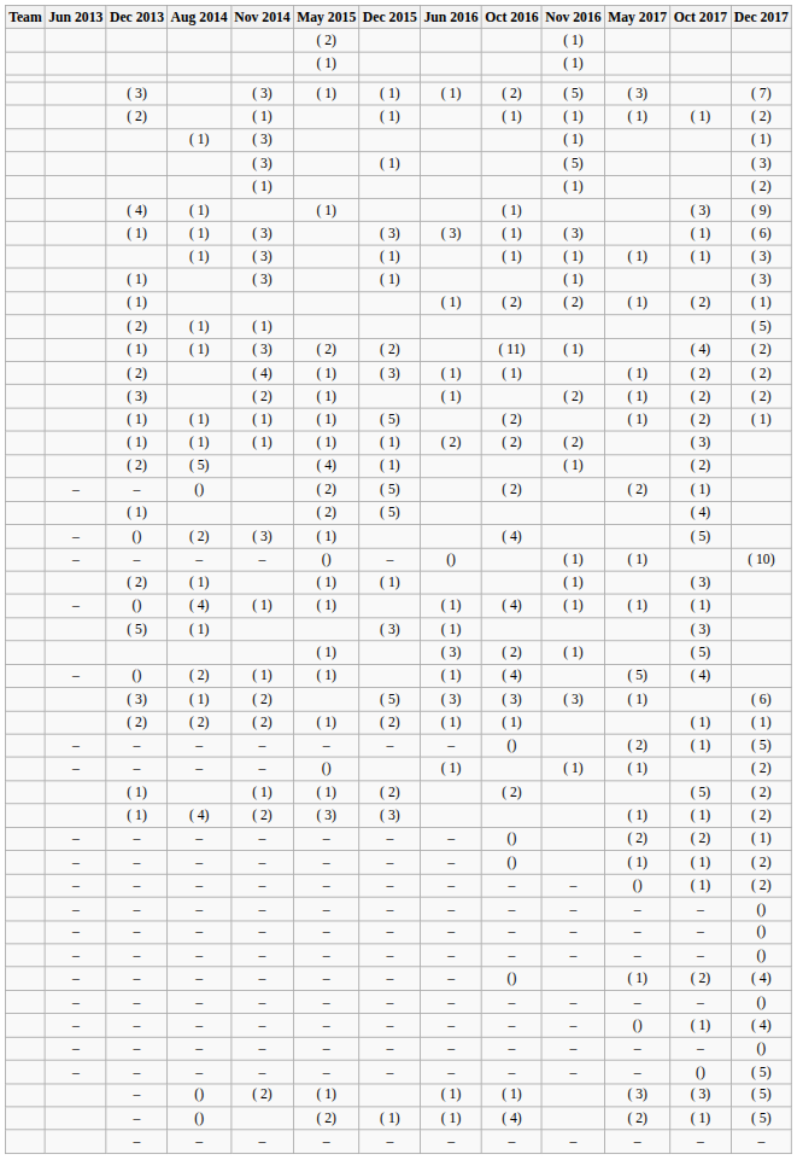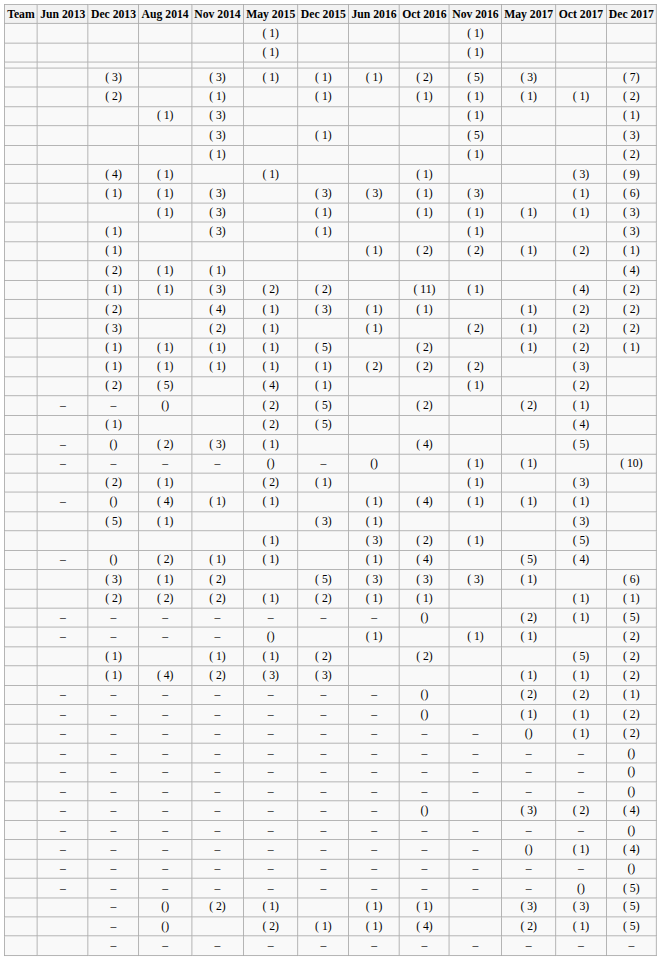 <table class="wikitable sortable" style="text-align:center; font-size: 85%;">
 <tr>
 <th>Team</th>
 <th>Jun 2013</th>
 <th>Dec 2013</th>
 <th>Aug 2014</th>
 <th>Nov 2014</th>
 <th>May 2015</th>
 <th>Dec 2015</th>
 <th>Jun 2016</th>
 <th>Oct 2016</th>
 <th>Nov 2016</th>
 <th>May 2017</th>
 <th>Oct 2017</th>
 <th>Dec 2017</th>
 </tr>
 <tr>
 <td style="text-align:left;"></td>
 <td></td>
 <td></td>
 <td></td>
 <td></td>
-<td> ( 2)</td>
+<td> ( 1)</td>
 <td></td>
 <td></td>
 <td></td>
 <td> ( 1)</td>
 <td></td>
 <td></td>
 <td></td>
 </tr>
 <tr>
 <td style="text-align:left;"></td>
 <td></td>
 <td></td>
 <td></td>
 <td></td>
 <td> ( 1)</td>
 <td></td>
 <td></td>
 <td></td>
 <td> ( 1)</td>
 <td></td>
 <td></td>
 <td></td>
 </tr>
 <tr>
 <td style="text-align:left;"></td>
 <td></td>
 <td></td>
 <td></td>
 <td></td>
 <td></td>
 <td></td>
 <td></td>
 <td></td>
 <td></td>
 <td></td>
 <td></td>
 <td></td>
 </tr>
 <tr>
 <td style="text-align:left;"></td>
 <td></td>
 <td> ( 3)</td>
 <td></td>
 <td> ( 3)</td>
 <td> ( 1)</td>
 <td> ( 1)</td>
 <td> ( 1)</td>
 <td> ( 2)</td>
 <td> ( 5)</td>
 <td> ( 3)</td>
 <td></td>
 <td> ( 7)</td>
 </tr>
 <tr>
 <td style="text-align:left;"></td>
 <td></td>
 <td> ( 2)</td>
 <td></td>
 <td> ( 1)</td>
 <td></td>
 <td> ( 1)</td>
 <td></td>
 <td> ( 1)</td>
 <td> ( 1)</td>
 <td> ( 1)</td>
 <td> ( 1)</td>
 <td> ( 2)</td>
 </tr>
 <tr>
 <td style="text-align:left;"></td>
 <td></td>
 <td></td>
 <td> ( 1)</td>
 <td> ( 3)</td>
 <td></td>
 <td></td>
 <td></td>
 <td></td>
 <td> ( 1)</td>
 <td></td>
 <td></td>
 <td> ( 1)</td>
 </tr>
 <tr>
 <td style="text-align:left;"></td>
 <td></td>
 <td></td>
 <td></td>
 <td> ( 3)</td>
 <td></td>
 <td> ( 1)</td>
 <td></td>
 <td></td>
 <td> ( 5)</td>
 <td></td>
 <td></td>
 <td> ( 3)</td>
 </tr>
 <tr>
 <td style="text-align:left;"></td>
 <td></td>
 <td></td>
 <td></td>
 <td> ( 1)</td>
 <td></td>
 <td></td>
 <td></td>
 <td></td>
 <td> ( 1)</td>
 <td></td>
 <td></td>
 <td> ( 2)</td>
 </tr>
 <tr>
 <td style="text-align:left;"></td>
 <td></td>
 <td> ( 4)</td>
 <td> ( 1)</td>
 <td></td>
 <td> ( 1)</td>
 <td></td>
 <td></td>
 <td> ( 1)</td>
 <td></td>
 <td></td>
 <td> ( 3)</td>
 <td> ( 9)</td>
 </tr>
 <tr>
 <td style="text-align:left;"></td>
 <td></td>
 <td> ( 1)</td>
 <td> ( 1)</td>
 <td> ( 3)</td>
 <td></td>
 <td> ( 3)</td>
 <td> ( 3)</td>
 <td> ( 1)</td>
 <td> ( 3)</td>
 <td></td>
 <td> ( 1)</td>
 <td> ( 6)</td>
 </tr>
 <tr>
 <td style="text-align:left;"></td>
 <td></td>
 <td></td>
 <td> ( 1)</td>
 <td> ( 3)</td>
 <td></td>
 <td> ( 1)</td>
 <td></td>
 <td> ( 1)</td>
 <td> ( 1)</td>
 <td> ( 1)</td>
 <td> ( 1)</td>
 <td> ( 3)</td>
 </tr>
 <tr>
 <td style="text-align:left;"></td>
 <td></td>
 <td> ( 1)</td>
 <td></td>
 <td> ( 3)</td>
 <td></td>
 <td> ( 1)</td>
 <td></td>
 <td></td>
 <td> ( 1)</td>
 <td></td>
 <td></td>
 <td> ( 3)</td>
 </tr>
 <tr>
 <td style="text-align:left;"></td>
 <td></td>
 <td> ( 1)</td>
 <td></td>
 <td></td>
 <td></td>
 <td></td>
 <td> ( 1)</td>
 <td> ( 2)</td>
 <td> ( 2)</td>
 <td> ( 1)</td>
 <td> ( 2)</td>
 <td> ( 1)</td>
 </tr>
 <tr>
 <td style="text-align:left;"></td>
 <td></td>
 <td> ( 2)</td>
 <td> ( 1)</td>
 <td> ( 1)</td>
 <td></td>
 <td></td>
 <td></td>
 <td></td>
 <td></td>
 <td></td>
 <td></td>
-<td> ( 5)</td>
+<td> ( 4)</td>
 </tr>
 <tr>
 <td style="text-align:left;"></td>
 <td></td>
 <td> ( 1)</td>
 <td> ( 1)</td>
 <td> ( 3)</td>
 <td> ( 2)</td>
 <td> ( 2)</td>
 <td></td>
 <td> ( 11)</td>
 <td> ( 1)</td>
 <td></td>
 <td> ( 4)</td>
 <td> ( 2)</td>
 </tr>
 <tr>
 <td style="text-align:left;"></td>
 <td></td>
 <td> ( 2)</td>
 <td></td>
 <td> ( 4)</td>
 <td> ( 1)</td>
 <td> ( 3)</td>
 <td> ( 1)</td>
 <td> ( 1)</td>
 <td></td>
 <td> ( 1)</td>
 <td> ( 2)</td>
 <td> ( 2)</td>
 </tr>
 <tr>
 <td style="text-align:left;"></td>
 <td></td>
 <td> ( 3)</td>
 <td></td>
 <td> ( 2)</td>
 <td> ( 1)</td>
 <td></td>
 <td> ( 1)</td>
 <td></td>
 <td> ( 2)</td>
 <td> ( 1)</td>
 <td> ( 2)</td>
 <td> ( 2)</td>
 </tr>
 <tr>
 <td style="text-align:left;"></td>
 <td></td>
 <td> ( 1)</td>
 <td> ( 1)</td>
 <td> ( 1)</td>
 <td> ( 1)</td>
 <td> ( 5)</td>
 <td></td>
 <td> ( 2)</td>
 <td></td>
 <td> ( 1)</td>
 <td> ( 2)</td>
 <td> ( 1)</td>
 </tr>
 <tr>
 <td style="text-align:left;"></td>
 <td></td>
 <td> ( 1)</td>
 <td> ( 1)</td>
 <td> ( 1)</td>
 <td> ( 1)</td>
 <td> ( 1)</td>
 <td> ( 2)</td>
 <td> ( 2)</td>
 <td> ( 2)</td>
 <td></td>
 <td> ( 3)</td>
 <td></td>
 </tr>
 <tr>
 <td style="text-align:left;"></td>
 <td></td>
 <td> ( 2)</td>
 <td> ( 5)</td>
 <td></td>
 <td> ( 4)</td>
 <td> ( 1)</td>
 <td></td>
 <td></td>
 <td> ( 1)</td>
 <td></td>
 <td> ( 2)</td>
 <td></td>
 </tr>
 <tr>
 <td style="text-align:left;"></td>
 <td>–</td>
 <td>–</td>
 <td> ()</td>
 <td></td>
 <td> ( 2)</td>
 <td> ( 5)</td>
 <td></td>
 <td> ( 2)</td>
 <td></td>
 <td> ( 2)</td>
 <td> ( 1)</td>
 <td></td>
 </tr>
 <tr>
 <td style="text-align:left;"></td>
 <td></td>
 <td> ( 1)</td>
 <td></td>
 <td></td>
 <td> ( 2)</td>
 <td> ( 5)</td>
 <td></td>
 <td></td>
 <td></td>
 <td></td>
 <td> ( 4)</td>
 <td></td>
 </tr>
 <tr>
 <td style="text-align:left;"></td>
 <td>–</td>
 <td> ()</td>
 <td> ( 2)</td>
 <td> ( 3)</td>
 <td> ( 1)</td>
 <td></td>
 <td></td>
 <td> ( 4)</td>
 <td></td>
 <td></td>
 <td> ( 5)</td>
 <td></td>
 </tr>
 <tr>
 <td style="text-align:left;"></td>
 <td>–</td>
 <td>–</td>
 <td>–</td>
 <td>–</td>
 <td> ()</td>
 <td>–</td>
 <td> ()</td>
 <td></td>
 <td> ( 1)</td>
 <td> ( 1)</td>
 <td></td>
 <td> ( 10)</td>
 </tr>
 <tr>
 <td style="text-align:left;"></td>
 <td></td>
 <td> ( 2)</td>
 <td> ( 1)</td>
 <td></td>
-<td> ( 1)</td>
+<td> ( 2)</td>
 <td> ( 1)</td>
 <td></td>
 <td></td>
 <td> ( 1)</td>
 <td></td>
 <td> ( 3)</td>
 <td></td>
 </tr>
 <tr>
 <td style="text-align:left;"></td>
 <td>–</td>
 <td> ()</td>
 <td> ( 4)</td>
 <td> ( 1)</td>
 <td> ( 1)</td>
 <td></td>
 <td> ( 1)</td>
 <td> ( 4)</td>
 <td> ( 1)</td>
 <td> ( 1)</td>
 <td> ( 1)</td>
 <td></td>
 </tr>
 <tr>
 <td style="text-align:left;"></td>
 <td></td>
 <td> ( 5)</td>
 <td> ( 1)</td>
 <td></td>
 <td></td>
 <td> ( 3)</td>
 <td> ( 1)</td>
 <td></td>
 <td></td>
 <td></td>
 <td> ( 3)</td>
 <td></td>
 </tr>
 <tr>
 <td style="text-align:left;"></td>
 <td></td>
 <td></td>
 <td></td>
 <td></td>
 <td> ( 1)</td>
 <td></td>
 <td> ( 3)</td>
 <td> ( 2)</td>
 <td> ( 1)</td>
 <td></td>
 <td> ( 5)</td>
 <td></td>
 </tr>
 <tr>
 <td style="text-align:left;"></td>
 <td>–</td>
 <td> ()</td>
 <td> ( 2)</td>
 <td> ( 1)</td>
 <td> ( 1)</td>
 <td></td>
 <td> ( 1)</td>
 <td> ( 4)</td>
 <td></td>
 <td> ( 5)</td>
 <td> ( 4)</td>
 <td></td>
 </tr>
 <tr>
 <td style="text-align:left;"></td>
 <td></td>
 <td> ( 3)</td>
 <td> ( 1)</td>
 <td> ( 2)</td>
 <td></td>
 <td> ( 5)</td>
 <td> ( 3)</td>
 <td> ( 3)</td>
 <td> ( 3)</td>
 <td> ( 1)</td>
 <td></td>
 <td> ( 6)</td>
 </tr>
 <tr>
 <td style="text-align:left;"></td>
 <td></td>
 <td> ( 2)</td>
 <td> ( 2)</td>
 <td> ( 2)</td>
 <td> ( 1)</td>
 <td> ( 2)</td>
 <td> ( 1)</td>
 <td> ( 1)</td>
 <td></td>
 <td></td>
 <td> ( 1)</td>
 <td> ( 1)</td>
 </tr>
 <tr>
 <td style="text-align:left;"></td>
 <td>–</td>
 <td>–</td>
 <td>–</td>
 <td>–</td>
 <td>–</td>
 <td>–</td>
 <td>–</td>
 <td> ()</td>
 <td></td>
 <td> ( 2)</td>
 <td> ( 1)</td>
 <td> ( 5)</td>
 </tr>
 <tr>
 <td style="text-align:left;"></td>
 <td>–</td>
 <td>–</td>
 <td>–</td>
 <td>–</td>
 <td> ()</td>
 <td></td>
 <td> ( 1)</td>
 <td></td>
 <td> ( 1)</td>
 <td> ( 1)</td>
 <td></td>
 <td> ( 2)</td>
 </tr>
 <tr>
 <td style="text-align:left;"></td>
 <td></td>
 <td> ( 1)</td>
 <td></td>
 <td> ( 1)</td>
 <td> ( 1)</td>
 <td> ( 2)</td>
 <td></td>
 <td> ( 2)</td>
 <td></td>
 <td></td>
 <td> ( 5)</td>
 <td> ( 2)</td>
 </tr>
 <tr>
 <td style="text-align:left;"></td>
 <td></td>
 <td> ( 1)</td>
 <td> ( 4)</td>
 <td> ( 2)</td>
 <td> ( 3)</td>
 <td> ( 3)</td>
 <td></td>
 <td></td>
 <td></td>
 <td> ( 1)</td>
 <td> ( 1)</td>
 <td> ( 2)</td>
 </tr>
 <tr>
 <td style="text-align:left;"></td>
 <td>–</td>
 <td>–</td>
 <td>–</td>
 <td>–</td>
 <td>–</td>
 <td>–</td>
 <td>–</td>
 <td> ()</td>
 <td></td>
 <td> ( 2)</td>
 <td> ( 2)</td>
 <td> ( 1)</td>
 </tr>
 <tr>
 <td style="text-align:left;"></td>
 <td>–</td>
 <td>–</td>
 <td>–</td>
 <td>–</td>
 <td>–</td>
 <td>–</td>
 <td>–</td>
 <td> ()</td>
 <td></td>
 <td> ( 1)</td>
 <td> ( 1)</td>
 <td> ( 2)</td>
 </tr>
 <tr>
 <td style="text-align:left;"></td>
 <td>–</td>
 <td>–</td>
 <td>–</td>
 <td>–</td>
 <td>–</td>
 <td>–</td>
 <td>–</td>
 <td>–</td>
 <td>–</td>
 <td> ()</td>
 <td> ( 1)</td>
 <td> ( 2)</td>
 </tr>
 <tr>
 <td style="text-align:left;"></td>
 <td>–</td>
 <td>–</td>
 <td>–</td>
 <td>–</td>
 <td>–</td>
 <td>–</td>
 <td>–</td>
 <td>–</td>
 <td>–</td>
 <td>–</td>
 <td>–</td>
 <td> ()</td>
 </tr>
 <tr>
 <td style="text-align:left;"></td>
 <td>–</td>
 <td>–</td>
 <td>–</td>
 <td>–</td>
 <td>–</td>
 <td>–</td>
 <td>–</td>
 <td>–</td>
 <td>–</td>
 <td>–</td>
 <td>–</td>
 <td> ()</td>
 </tr>
 <tr>
 <td style="text-align:left;"></td>
 <td>–</td>
 <td>–</td>
 <td>–</td>
 <td>–</td>
 <td>–</td>
 <td>–</td>
 <td>–</td>
 <td>–</td>
 <td>–</td>
 <td>–</td>
 <td>–</td>
 <td> ()</td>
 </tr>
 <tr>
 <td style="text-align:left;"></td>
 <td>–</td>
 <td>–</td>
 <td>–</td>
 <td>–</td>
 <td>–</td>
 <td>–</td>
 <td>–</td>
 <td> ()</td>
 <td></td>
-<td> ( 1)</td>
+<td> ( 3)</td>
 <td> ( 2)</td>
 <td> ( 4)</td>
 </tr>
 <tr>
 <td style="text-align:left;"></td>
 <td>–</td>
 <td>–</td>
 <td>–</td>
 <td>–</td>
 <td>–</td>
 <td>–</td>
 <td>–</td>
 <td>–</td>
 <td>–</td>
 <td>–</td>
 <td>–</td>
 <td> ()</td>
 </tr>
 <tr>
 <td style="text-align:left;"></td>
 <td>–</td>
 <td>–</td>
 <td>–</td>
 <td>–</td>
 <td>–</td>
 <td>–</td>
 <td>–</td>
 <td>–</td>
 <td>–</td>
 <td> ()</td>
 <td> ( 1)</td>
 <td> ( 4)</td>
 </tr>
 <tr>
 <td style="text-align:left;"></td>
 <td>–</td>
 <td>–</td>
 <td>–</td>
 <td>–</td>
 <td>–</td>
 <td>–</td>
 <td>–</td>
 <td>–</td>
 <td>–</td>
 <td>–</td>
 <td>–</td>
 <td> ()</td>
 </tr>
 <tr>
 <td style="text-align:left;"></td>
 <td>–</td>
 <td>–</td>
 <td>–</td>
 <td>–</td>
 <td>–</td>
 <td>–</td>
 <td>–</td>
 <td>–</td>
 <td>–</td>
 <td>–</td>
 <td> ()</td>
 <td> ( 5)</td>
 </tr>
 <tr>
 <td style="text-align:left;"></td>
 <td></td>
 <td>–</td>
 <td> ()</td>
 <td> ( 2)</td>
 <td> ( 1)</td>
 <td></td>
 <td> ( 1)</td>
 <td> ( 1)</td>
 <td></td>
 <td> ( 3)</td>
 <td> ( 3)</td>
 <td> ( 5)</td>
 </tr>
 <tr>
 <td style="text-align:left;"></td>
 <td></td>
 <td>–</td>
 <td> ()</td>
 <td></td>
 <td> ( 2)</td>
 <td> ( 1)</td>
 <td> ( 1)</td>
 <td> ( 4)</td>
 <td></td>
 <td> ( 2)</td>
 <td> ( 1)</td>
 <td> ( 5)</td>
 </tr>
 <tr>
 <td style="text-align:left;"></td>
 <td></td>
 <td>–</td>
 <td>–</td>
 <td>–</td>
 <td>–</td>
 <td>–</td>
 <td>–</td>
 <td>–</td>
 <td>–</td>
 <td>–</td>
 <td>–</td>
 <td>–</td>
 </tr>
 </table>
